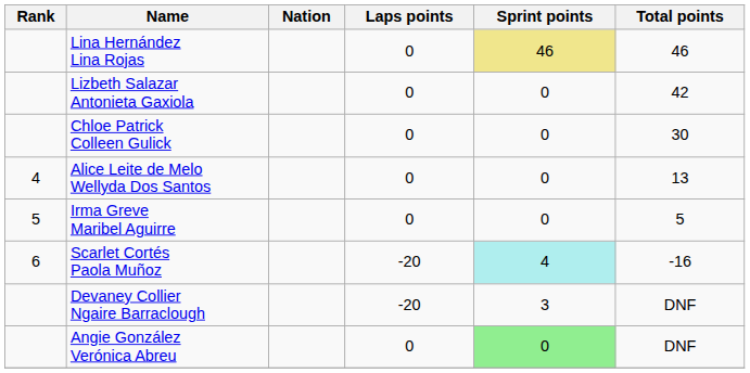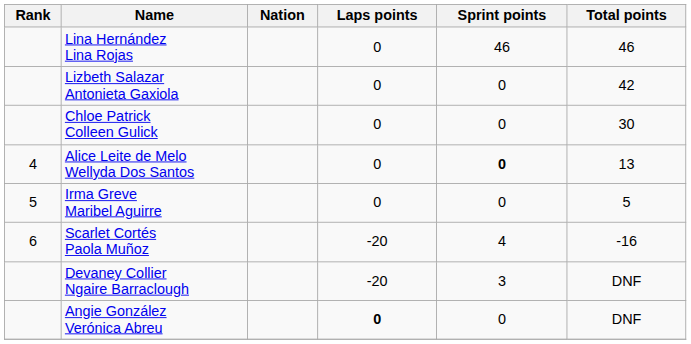 <table class="wikitable sortable" style="text-align:center" width=60%>
 <tr>
 <th>Rank</th>
 <th>Name</th>
 <th>Nation</th>
 <th>Laps points</th>
 <th>Sprint points</th>
 <th>Total points</th>
 </tr>
 <tr>
 <td></td>
 <td align=left><a href='#'>Lina Hernández</a><br><a href='#'>Lina Rojas</a></td>
 <td align=left></td>
 <td>0</td>
-<td style="background: khaki;">46</td>
+<td>46</td>
 <td>46</td>
 </tr>
 <tr>
 <td></td>
 <td align=left><a href='#'>Lizbeth Salazar</a><br><a href='#'>Antonieta Gaxiola</a></td>
 <td align=left></td>
 <td>0</td>
 <td>0</td>
 <td>42</td>
 </tr>
 <tr>
 <td></td>
 <td align=left><a href='#'>Chloe Patrick</a><br><a href='#'>Colleen Gulick</a></td>
 <td align=left></td>
 <td>0</td>
 <td>0</td>
 <td>30</td>
 </tr>
 <tr>
 <td>4</td>
 <td align=left><a href='#'>Alice Leite de Melo</a><br><a href='#'>Wellyda Dos Santos</a></td>
 <td align=left></td>
 <td>0</td>
-<td>0</td>
+<td><strong>0</strong></td>
 <td>13</td>
 </tr>
 <tr>
 <td>5</td>
 <td align=left><a href='#'>Irma Greve</a><br><a href='#'>Maribel Aguirre</a></td>
 <td align=left></td>
 <td>0</td>
 <td>0</td>
 <td>5</td>
 </tr>
 <tr>
 <td>6</td>
 <td align=left><a href='#'>Scarlet Cortés</a><br><a href='#'>Paola Muñoz</a></td>
 <td align=left></td>
 <td>-20</td>
-<td style="background: paleturquoise;">4</td>
+<td>4</td>
 <td>-16</td>
 </tr>
 <tr>
 <td></td>
 <td align=left><a href='#'>Devaney Collier</a><br><a href='#'>Ngaire Barraclough</a></td>
 <td align=left></td>
 <td>-20</td>
 <td>3</td>
 <td>DNF</td>
 </tr>
 <tr>
 <td></td>
 <td align=left><a href='#'>Angie González</a><br><a href='#'>Verónica Abreu</a></td>
 <td align=left></td>
+<td><strong>0</strong></td>
 <td>0</td>
-<td style="background: lightgreen;">0</td>
 <td>DNF</td>
 </tr>
 <tr>
 </tr>
 </table>
